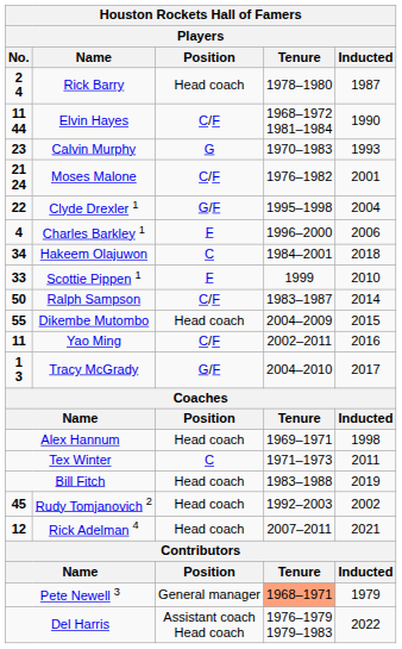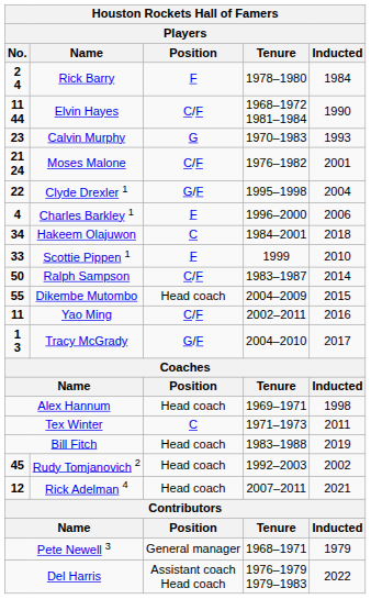 <table class="wikitable" style="text-align:center">
 <tr>
 <th colspan="5">Houston Rockets Hall of Famers</th>
 </tr>
 <tr>
 <th colspan="5">Players</th>
 </tr>
 <tr>
 <th>No.</th>
 <th>Name</th>
 <th>Position</th>
 <th>Tenure</th>
 <th>Inducted</th>
 </tr>
 <tr>
 <td><strong>2</strong><br><strong>4</strong></td>
 <td><a href='#'>Rick Barry</a></td>
-<td>Head coach</td>
+<td><a href='#'>F</a></td>
 <td>1978–1980</td>
-<td>1987</td>
+<td>1984</td>
 </tr>
 <tr>
 <td><strong>11</strong><br><strong>44</strong></td>
 <td><a href='#'>Elvin Hayes</a></td>
 <td><a href='#'>C</a>/<a href='#'>F</a></td>
 <td>1968–1972<br>1981–1984</td>
 <td>1990</td>
 </tr>
 <tr>
 <td><strong>23</strong></td>
 <td><a href='#'>Calvin Murphy</a></td>
 <td><a href='#'>G</a></td>
 <td>1970–1983</td>
 <td>1993</td>
 </tr>
 <tr>
 <td><strong>21</strong><br><strong>24</strong></td>
 <td><a href='#'>Moses Malone</a></td>
 <td><a href='#'>C</a>/<a href='#'>F</a></td>
 <td>1976–1982</td>
 <td>2001</td>
 </tr>
 <tr>
 <td><strong>22</strong></td>
 <td><a href='#'>Clyde Drexler</a> <sup>1</sup></td>
 <td><a href='#'>G</a>/<a href='#'>F</a></td>
 <td>1995–1998</td>
 <td>2004</td>
 </tr>
 <tr>
 <td><strong>4</strong></td>
 <td><a href='#'>Charles Barkley</a> <sup>1</sup></td>
 <td><a href='#'>F</a></td>
 <td>1996–2000</td>
 <td>2006</td>
 </tr>
 <tr>
 <td><strong>34</strong></td>
 <td><a href='#'>Hakeem Olajuwon</a></td>
 <td><a href='#'>C</a></td>
 <td>1984–2001</td>
 <td>2018</td>
 </tr>
 <tr>
 <td><strong>33</strong></td>
 <td><a href='#'>Scottie Pippen</a> <sup>1</sup></td>
 <td><a href='#'>F</a></td>
 <td>1999</td>
 <td>2010</td>
 </tr>
 <tr>
 <td><strong>50</strong></td>
 <td><a href='#'>Ralph Sampson</a></td>
 <td><a href='#'>C</a>/<a href='#'>F</a></td>
 <td>1983–1987</td>
 <td>2014</td>
 </tr>
 <tr>
 <td><strong>55</strong></td>
 <td><a href='#'>Dikembe Mutombo</a></td>
 <td>Head coach</td>
 <td>2004–2009</td>
 <td>2015</td>
 </tr>
 <tr>
 <td><strong>11</strong></td>
 <td><a href='#'>Yao Ming</a></td>
 <td><a href='#'>C</a>/<a href='#'>F</a></td>
 <td>2002–2011</td>
 <td>2016</td>
 </tr>
 <tr>
 <td><strong>1</strong><br><strong>3</strong></td>
 <td><a href='#'>Tracy McGrady</a></td>
 <td><a href='#'>G</a>/<a href='#'>F</a></td>
 <td>2004–2010</td>
 <td>2017</td>
 </tr>
 <tr>
 <th colspan="5">Coaches</th>
 </tr>
 <tr>
 <th colspan="2">Name</th>
 <th>Position</th>
 <th>Tenure</th>
 <th>Inducted</th>
 </tr>
 <tr>
 <td colspan="2"><a href='#'>Alex Hannum</a></td>
 <td>Head coach</td>
 <td>1969–1971</td>
 <td>1998</td>
 </tr>
 <tr>
 <td colspan="2"><a href='#'>Tex Winter</a></td>
 <td><a href='#'>C</a></td>
 <td>1971–1973</td>
 <td>2011</td>
 </tr>
 <tr>
 <td colspan="2"><a href='#'>Bill Fitch</a></td>
 <td>Head coach</td>
 <td>1983–1988</td>
 <td>2019</td>
 </tr>
 <tr>
 <td><strong>45</strong></td>
 <td><a href='#'>Rudy Tomjanovich</a> <sup>2</sup></td>
 <td>Head coach</td>
 <td>1992–2003</td>
 <td>2002</td>
 </tr>
 <tr>
 <td><strong>12</strong></td>
 <td><a href='#'>Rick Adelman</a> <sup>4</sup></td>
 <td>Head coach</td>
 <td>2007–2011</td>
 <td>2021</td>
 </tr>
 <tr>
 <th colspan="5">Contributors</th>
 </tr>
 <tr>
 <th colspan="2">Name</th>
 <th>Position</th>
 <th>Tenure</th>
 <th>Inducted</th>
 </tr>
 <tr>
 <td colspan="2"><a href='#'>Pete Newell</a> <sup>3</sup></td>
 <td>General manager</td>
-<td style="background: lightsalmon;">1968–1971</td>
+<td>1968–1971</td>
 <td>1979</td>
 </tr>
 <tr>
 <td colspan="2"><a href='#'>Del Harris</a></td>
 <td>Assistant coach<br>Head coach</td>
 <td>1976–1979 <br>1979–1983</td>
 <td>2022</td>
 </tr>
 </table>
